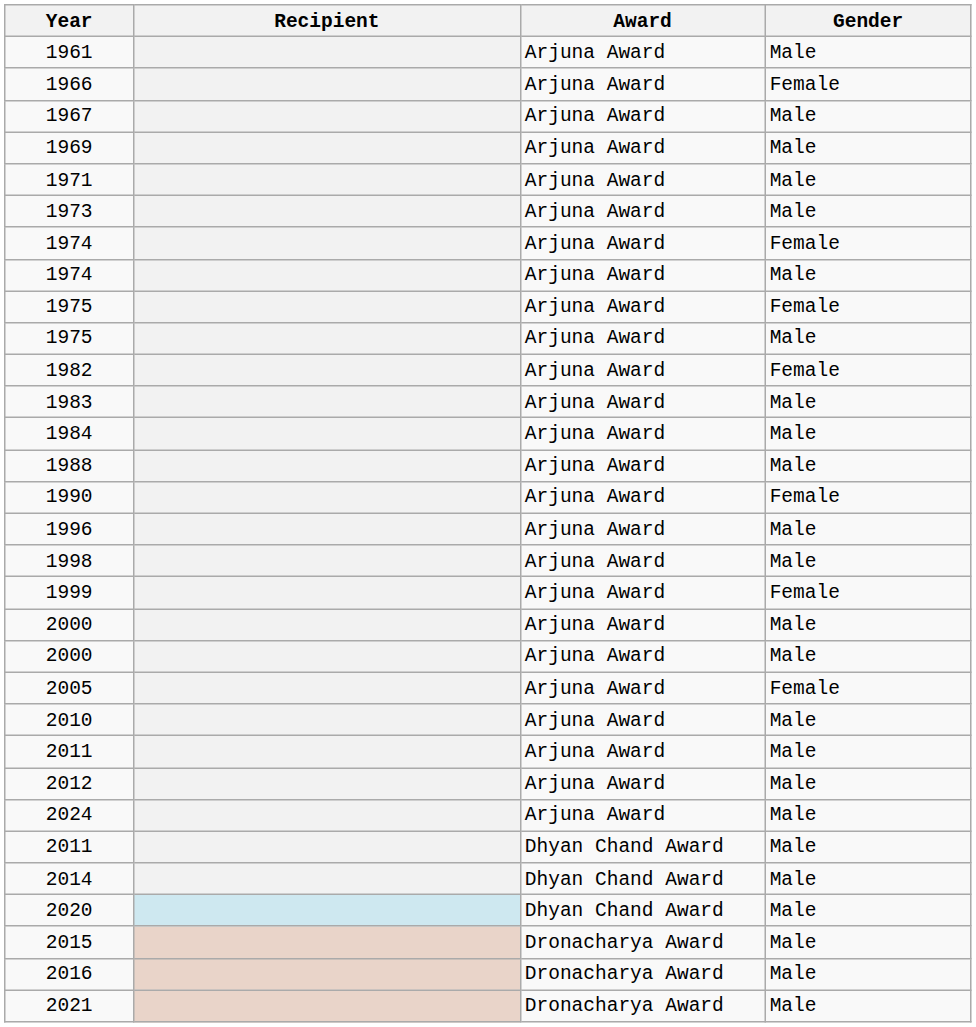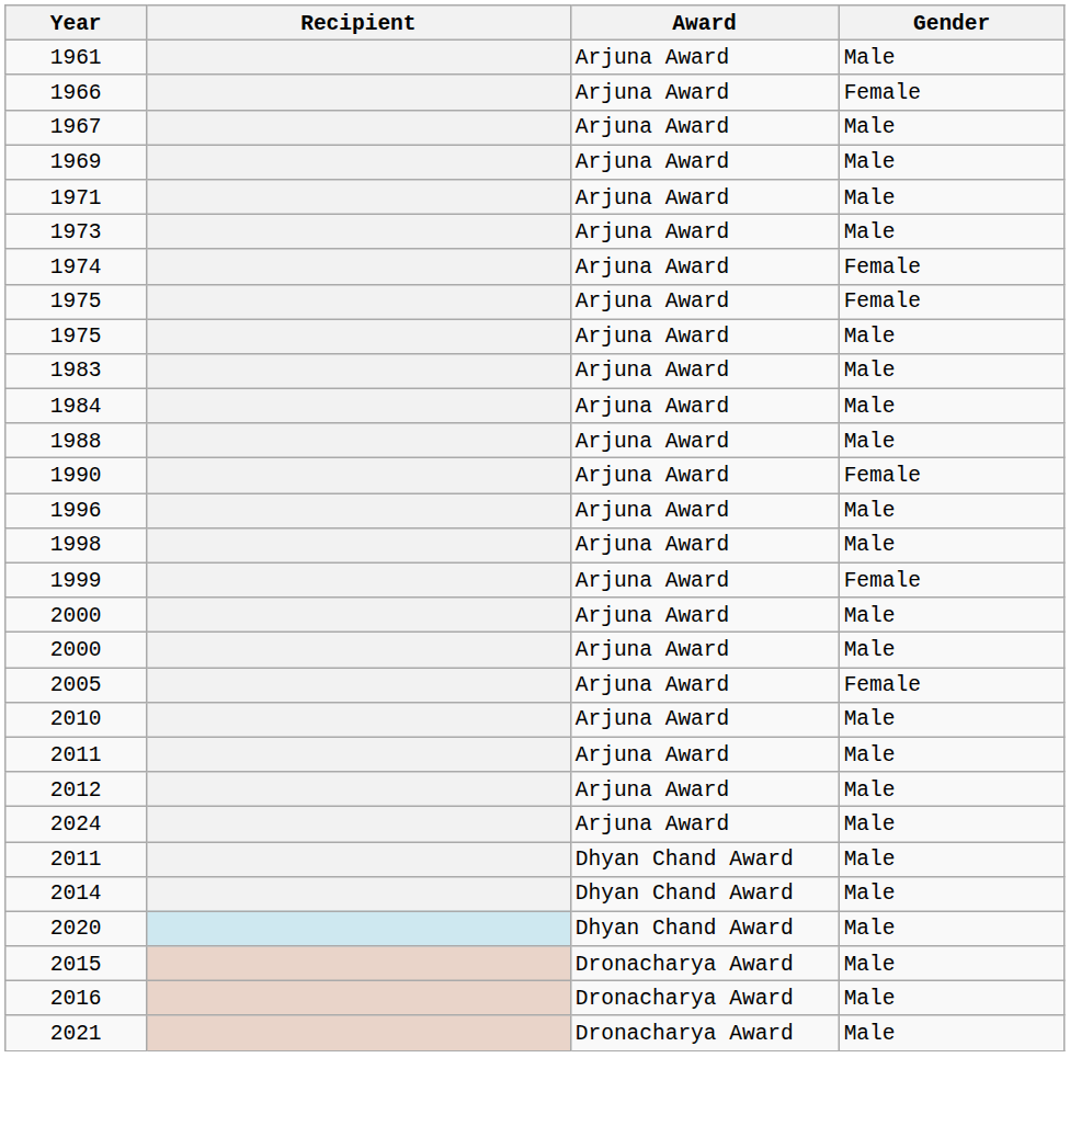 <table class="wikitable plainrowheaders sortable" style="width:73%">
 <tr>
 <th scope="col" style="width:10%">Year</th>
 <th scope="col" style="width:30%">Recipient</th>
 <th scope="col" style="width:19%">Award</th>
 <th scope="col" style="width:16%">Gender</th>
 </tr>
 <tr>
 <td style="text-align:center;">1961</td>
 <th scope="row"></th>
 <td>Arjuna Award</td>
 <td>Male</td>
 </tr>
 <tr>
 <td style="text-align:center;">1966</td>
 <th scope="row"></th>
 <td>Arjuna Award</td>
 <td>Female</td>
 </tr>
 <tr>
 <td style="text-align:center;">1967</td>
 <th scope="row"></th>
 <td>Arjuna Award</td>
 <td>Male</td>
 </tr>
 <tr>
 <td style="text-align:center;">1969</td>
 <th scope="row"></th>
 <td>Arjuna Award</td>
 <td>Male</td>
 </tr>
 <tr>
 <td style="text-align:center;">1971</td>
 <th scope="row"></th>
 <td>Arjuna Award</td>
 <td>Male</td>
 </tr>
 <tr>
 <td style="text-align:center;">1973</td>
 <th scope="row"></th>
 <td>Arjuna Award</td>
 <td>Male</td>
 </tr>
 <tr>
 <td style="text-align:center;">1974</td>
 <th scope="row"></th>
 <td>Arjuna Award</td>
 <td>Female</td>
 </tr>
 <tr>
-<td style="text-align:center;">1974</td>
-<th scope="row"></th>
-<td>Arjuna Award</td>
-<td>Male</td>
-</tr>
-<tr>
 <td style="text-align:center;">1975</td>
 <th scope="row"></th>
 <td>Arjuna Award</td>
 <td>Female</td>
 </tr>
 <tr>
 <td style="text-align:center;">1975</td>
 <th scope="row"></th>
 <td>Arjuna Award</td>
 <td>Male</td>
-</tr>
-<tr>
-<td style="text-align:center;">1982</td>
-<th scope="row"></th>
-<td>Arjuna Award</td>
-<td>Female</td>
 </tr>
 <tr>
 <td style="text-align:center;">1983</td>
 <th scope="row"></th>
 <td>Arjuna Award</td>
 <td>Male</td>
 </tr>
 <tr>
 <td style="text-align:center;">1984</td>
 <th scope="row"></th>
 <td>Arjuna Award</td>
 <td>Male</td>
 </tr>
 <tr>
 <td style="text-align:center;">1988</td>
 <th scope="row"></th>
 <td>Arjuna Award</td>
 <td>Male</td>
 </tr>
 <tr>
 <td style="text-align:center;">1990</td>
 <th scope="row"></th>
 <td>Arjuna Award</td>
 <td>Female</td>
 </tr>
 <tr>
 <td style="text-align:center;">1996</td>
 <th scope="row"></th>
 <td>Arjuna Award</td>
 <td>Male</td>
 </tr>
 <tr>
 <td style="text-align:center;">1998</td>
 <th scope="row"></th>
 <td>Arjuna Award</td>
 <td>Male</td>
 </tr>
 <tr>
 <td style="text-align:center;">1999</td>
 <th scope="row"></th>
 <td>Arjuna Award</td>
 <td>Female</td>
 </tr>
 <tr>
 <td style="text-align:center;">2000</td>
 <th scope="row"></th>
 <td>Arjuna Award</td>
 <td>Male</td>
 </tr>
 <tr>
 <td style="text-align:center;">2000</td>
 <th scope="row"></th>
 <td>Arjuna Award</td>
 <td>Male</td>
 </tr>
 <tr>
 <td style="text-align:center;">2005</td>
 <th scope="row"></th>
 <td>Arjuna Award</td>
 <td>Female</td>
 </tr>
 <tr>
 <td style="text-align:center;">2010</td>
 <th scope="row"></th>
 <td>Arjuna Award</td>
 <td>Male</td>
 </tr>
 <tr>
 <td style="text-align:center;">2011</td>
 <th scope="row"></th>
 <td>Arjuna Award</td>
 <td>Male</td>
 </tr>
 <tr>
 <td style="text-align:center;">2012</td>
 <th scope="row"></th>
 <td>Arjuna Award</td>
 <td>Male</td>
 </tr>
 <tr>
 <td style="text-align:center;">2024</td>
 <th scope="row"></th>
 <td>Arjuna Award</td>
 <td>Male</td>
 </tr>
 <tr>
 <td style="text-align:center;">2011</td>
 <th scope="row"></th>
 <td>Dhyan Chand Award</td>
 <td>Male</td>
 </tr>
 <tr>
 <td style="text-align:center;">2014</td>
 <th scope="row"></th>
 <td>Dhyan Chand Award</td>
 <td>Male</td>
 </tr>
 <tr>
 <td style="text-align:center;">2020</td>
 <th scope="row" style="background-color:#CEE8F0;"></th>
 <td>Dhyan Chand Award</td>
 <td>Male</td>
 </tr>
 <tr>
 <td style="text-align:center;">2015</td>
 <th scope="row" style="background-color:#E9D4C9"> </th>
 <td>Dronacharya Award</td>
 <td>Male</td>
 </tr>
 <tr>
 <td style="text-align:center;">2016</td>
 <th scope="row" style="background-color:#E9D4C9"> </th>
 <td>Dronacharya Award</td>
 <td>Male</td>
 </tr>
 <tr>
 <td style="text-align:center;">2021</td>
 <th scope="row" style="background-color:#E9D4C9"> </th>
 <td>Dronacharya Award</td>
 <td>Male</td>
 </tr>
 </table>
